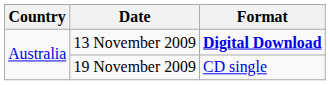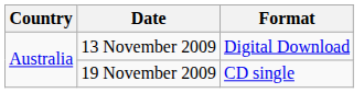 <table class="wikitable">
 <tr ->
 <th>Country</th>
 <th>Date</th>
 <th>Format</th>
 </tr>
 <tr>
 <td rowspan="2"><a href='#'>Australia</a></td>
 <td>13 November 2009</td>
-<td><strong><a href='#'>Digital Download</a></strong></td>
+<td><a href='#'>Digital Download</a></td>
 </tr>
 <tr>
 <td>19 November 2009 </td>
 <td><a href='#'>CD single</a></td>
 </tr>
 </table>
